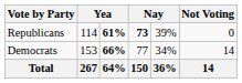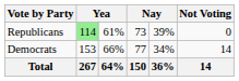 <table class=wikitable>
 <tr>
 <th>Vote by Party</th>
 <th colspan = "2">Yea</th>
 <th colspan = "2">Nay</th>
 <th colspan = "2">Not Voting</th>
 </tr>
 <tr>
 <td>Republicans</td>
-<td align="right">114</td>
-<td align="right"><strong>61%</strong></td>
-<td align="right"><strong>73</strong></td>
+<td align="right" style="background: lightgreen;">114</td>
+<td align="right">61%</td>
+<td align="right">73</td>
 <td align="right">39%</td>
 <td align="right">0</td>
 </tr>
 <tr>
 <td>Democrats</td>
 <td align="right">153</td>
-<td align="right"><strong>66%</strong></td>
+<td align="right">66%</td>
 <td align="right">77</td>
 <td align="right">34%</td>
 <td align="right">14</td>
 </tr>
 <tr>
 <th>Total</th>
 <th>267</th>
 <th>64%</th>
 <th>150</th>
 <th>36%</th>
 <th>14</th>
 </tr>
 </table>
